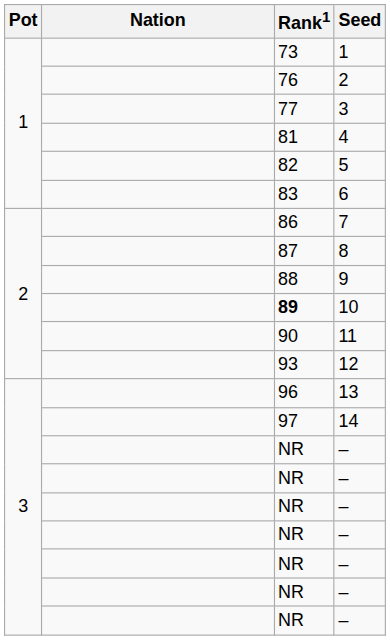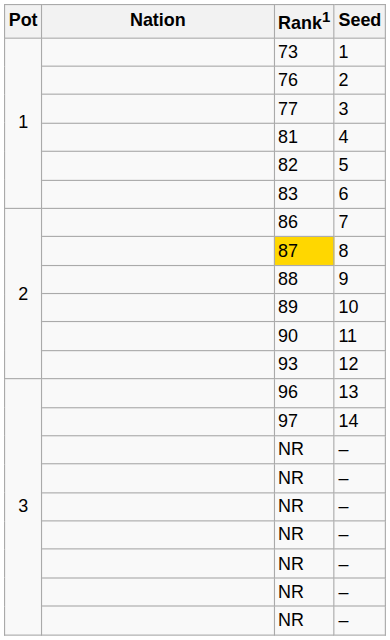 <table class="wikitable">
 <tr>
 <th>Pot</th>
 <th width="200">Nation</th>
 <th>Rank<sup>1</sup></th>
 <th>Seed</th>
 </tr>
 <tr>
 <td rowspan=6 style="text-align:center;">1</td>
 <td></td>
 <td>73</td>
 <td>1</td>
 </tr>
 <tr>
 <td></td>
 <td>76</td>
 <td>2</td>
 </tr>
 <tr>
 <td></td>
 <td>77</td>
 <td>3</td>
 </tr>
 <tr>
 <td></td>
 <td>81</td>
 <td>4</td>
 </tr>
 <tr>
 <td></td>
 <td>82</td>
 <td>5</td>
 </tr>
 <tr>
 <td></td>
 <td>83</td>
 <td>6</td>
 </tr>
 <tr>
 <td rowspan=6 style="text-align:center;">2</td>
 <td></td>
 <td>86</td>
 <td>7</td>
 </tr>
 <tr>
 <td></td>
-<td>87</td>
+<td style="background: gold;">87</td>
 <td>8</td>
 </tr>
 <tr>
 <td></td>
 <td>88</td>
 <td>9</td>
 </tr>
 <tr>
 <td></td>
-<td><strong>89</strong></td>
+<td>89</td>
 <td>10</td>
 </tr>
 <tr>
 <td></td>
 <td>90</td>
 <td>11</td>
 </tr>
 <tr>
 <td></td>
 <td>93</td>
 <td>12</td>
 </tr>
 <tr>
 <td rowspan=9 style="text-align:center;">3</td>
 <td></td>
 <td>96</td>
 <td>13</td>
 </tr>
 <tr>
 <td></td>
 <td>97</td>
 <td>14</td>
 </tr>
 <tr>
 <td></td>
 <td>NR</td>
 <td>–</td>
 </tr>
 <tr>
 <td></td>
 <td>NR</td>
 <td>–</td>
 </tr>
 <tr>
 <td></td>
 <td>NR</td>
 <td>–</td>
 </tr>
 <tr>
 <td></td>
 <td>NR</td>
 <td>–</td>
 </tr>
 <tr>
 <td></td>
 <td>NR</td>
 <td>–</td>
 </tr>
 <tr>
 <td></td>
 <td>NR</td>
 <td>–</td>
 </tr>
 <tr>
 <td></td>
 <td>NR</td>
 <td>–</td>
 </tr>
 </table>
